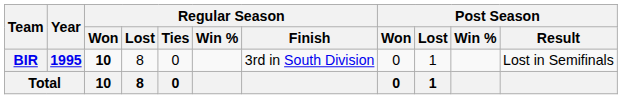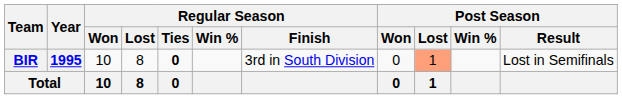 <table class="wikitable" style="font-size: 95%; text-align:center;">
 <tr>
 <th rowspan="2">Team</th>
 <th rowspan="2">Year</th>
 <th colspan="5">Regular Season</th>
 <th colspan="4">Post Season</th>
 </tr>
 <tr>
 <th>Won</th>
 <th>Lost</th>
 <th>Ties</th>
 <th>Win %</th>
 <th>Finish</th>
 <th>Won</th>
 <th>Lost</th>
 <th>Win %</th>
 <th>Result</th>
 </tr>
 <tr>
 <th><a href='#'>BIR</a></th>
 <th><a href='#'>1995</a></th>
-<td><strong>10</strong></td>
+<td>10</td>
 <td>8</td>
-<td>0</td>
+<td><strong>0</strong></td>
 <td></td>
 <td>3rd in <a href='#'>South Division</a></td>
 <td>0</td>
-<td>1</td>
+<td style="background: lightsalmon;">1</td>
 <td></td>
 <td>Lost in Semifinals</td>
 </tr>
 <tr>
 <th colspan="2">Total</th>
 <th>10</th>
 <th>8</th>
 <th>0</th>
 <th></th>
 <th></th>
 <th>0</th>
 <th>1</th>
 <th></th>
 <th></th>
 </tr>
 </table>
